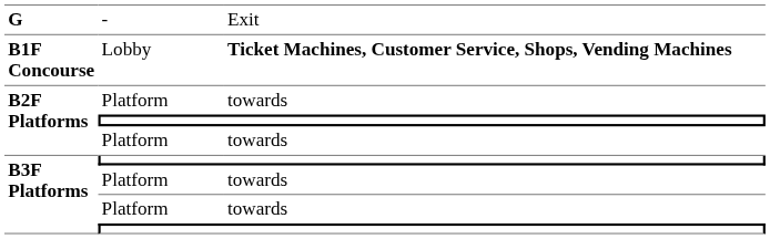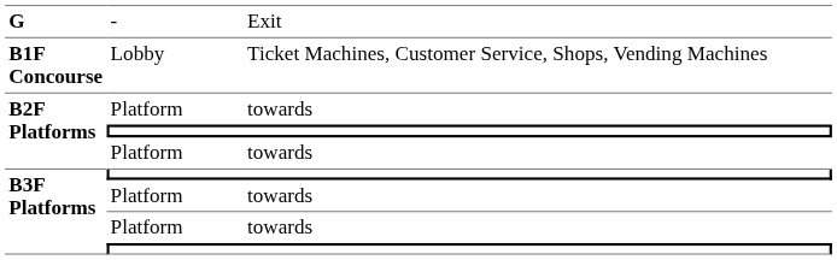 <table table border=0 cellspacing=0 cellpadding=3>
 <tr>
 <td style="border-top:solid 1px gray;" width=50 valign=top><strong>G</strong></td>
 <td style="border-top:solid 1px gray;" width=100 valign=top>-</td>
 <td style="border-top:solid 1px gray;" width=450 valign=top>Exit</td>
 </tr>
 <tr>
 <td style="border-bottom:solid 1px gray; border-top:solid 1px gray;" valign=top width=50><strong>B1F<br>Concourse</strong></td>
 <td style="border-bottom:solid 1px gray; border-top:solid 1px gray;" valign=top width=100>Lobby</td>
-<td style="border-bottom:solid 1px gray; border-top:solid 1px gray;" valign=top width=390><strong>Ticket Machines, Customer Service, Shops, Vending Machines</strong></td>
+<td style="border-bottom:solid 1px gray; border-top:solid 1px gray;" valign=top width=390>Ticket Machines, Customer Service, Shops, Vending Machines</td>
 </tr>
 <tr>
 <td style="border-bottom:solid 1px gray;" rowspan="3" valign=top><strong>B2F<br> Platforms</strong></td>
 <td>Platform</td>
 <td>  towards  </td>
 </tr>
 <tr>
 <td style="border-right:solid 2px black;border-left:solid 2px black;border-top:solid 2px black;border-bottom:solid 2px black;text-align:center;" colspan=2></td>
 </tr>
 <tr>
 <td style="border-bottom:solid 1px gray;">Platform</td>
 <td style="border-bottom:solid 1px gray;">  towards   </td>
 </tr>
 <tr>
 <td style="border-bottom:solid 1px gray;" rowspan="4" valign=top><strong>B3F<br> Platforms</strong></td>
 <td style="border-right:solid 2px black;border-left:solid 2px black;border-bottom:solid 2px black;text-align:center;" colspan=2></td>
 </tr>
 <tr>
 <td>Platform</td>
 <td>  towards  </td>
 </tr>
 <tr>
 <td style="border-top:solid 1px gray;">Platform</td>
 <td style="border-top:solid 1px gray;">  towards   </td>
 </tr>
 <tr>
 <td style="border-right:solid 2px black;border-left:solid 2px black;border-top:solid 2px black;border-bottom:solid 1px gray;text-align:center;" colspan=2></td>
 </tr>
 </table>
